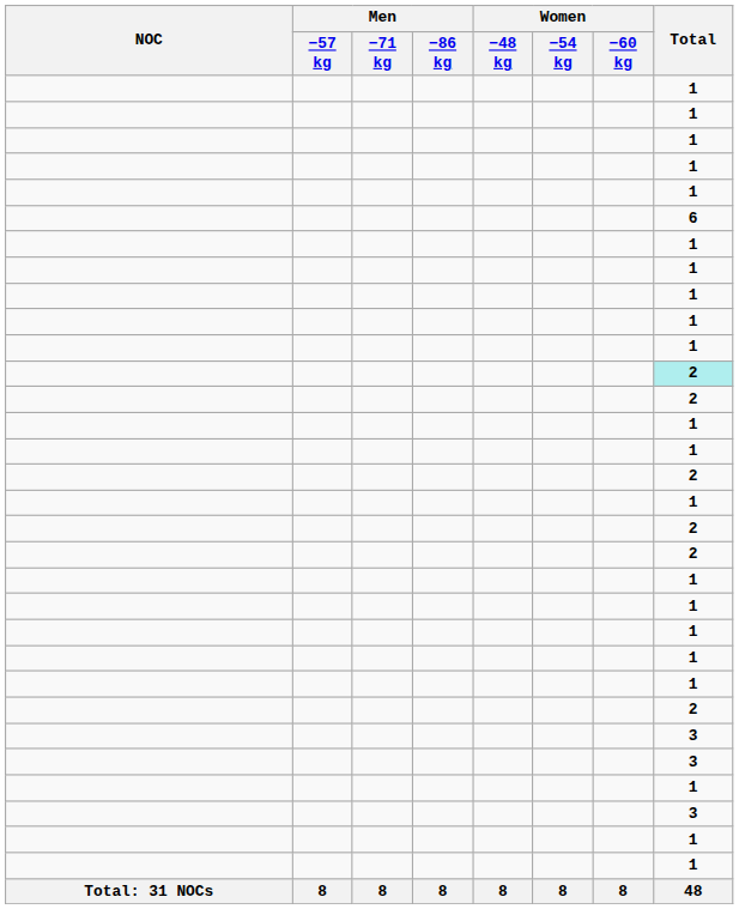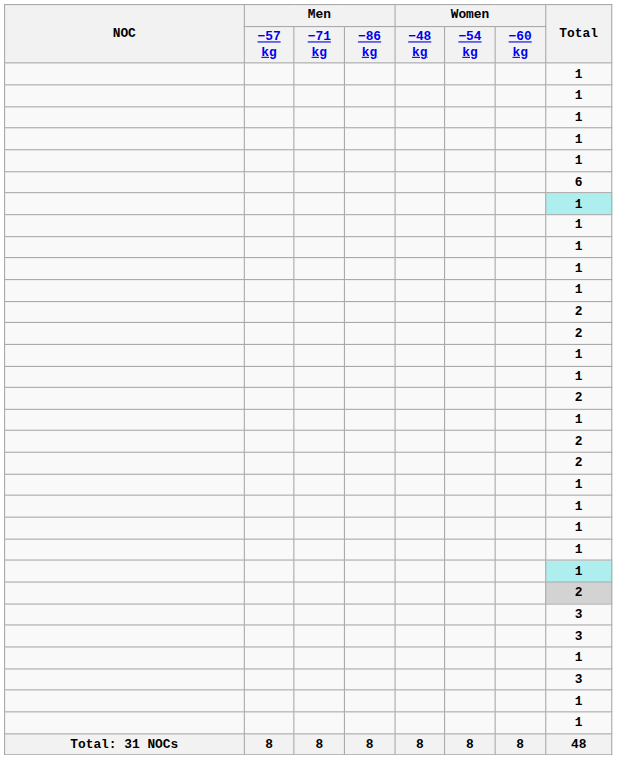 <table class="wikitable sortable" style="text-align:center; font-size:90%">
 <tr>
 <th rowspan="2" width=212 align="left">NOC</th>
 <th colspan=3>Men</th>
 <th colspan=3>Women</th>
 <th width=55 rowspan="2">Total</th>
 </tr>
 <tr>
 <th width=40><a href='#'>−57 kg</a></th>
 <th width=40><a href='#'>−71 kg</a></th>
 <th width=40><a href='#'>−86 kg</a></th>
 <th width=40><a href='#'>−48 kg</a></th>
 <th width=40><a href='#'>−54 kg</a></th>
 <th width=40><a href='#'>−60 kg</a></th>
 </tr>
 <tr>
 <td align=left></td>
 <td></td>
 <td></td>
 <td></td>
 <td></td>
 <td></td>
 <td></td>
 <td><strong>1</strong></td>
 </tr>
 <tr>
 <td align=left></td>
 <td></td>
 <td></td>
 <td></td>
 <td></td>
 <td></td>
 <td></td>
 <td><strong>1</strong></td>
 </tr>
 <tr>
 <td align=left></td>
 <td></td>
 <td></td>
 <td></td>
 <td></td>
 <td></td>
 <td></td>
 <td><strong>1</strong></td>
 </tr>
 <tr>
 <td align=left></td>
 <td></td>
 <td></td>
 <td></td>
 <td></td>
 <td></td>
 <td></td>
 <td><strong>1</strong></td>
 </tr>
 <tr>
 <td align=left></td>
 <td></td>
 <td></td>
 <td></td>
 <td></td>
 <td></td>
 <td></td>
 <td><strong>1</strong></td>
 </tr>
 <tr>
 <td align=left></td>
 <td></td>
 <td></td>
 <td></td>
 <td></td>
 <td></td>
 <td></td>
 <td><strong>6</strong></td>
 </tr>
 <tr>
 <td align=left></td>
 <td></td>
 <td></td>
 <td></td>
 <td></td>
 <td></td>
 <td></td>
-<td><strong>1</strong></td>
+<td style="background: paleturquoise;"><strong>1</strong></td>
 </tr>
 <tr>
 <td align=left></td>
 <td></td>
 <td></td>
 <td></td>
 <td></td>
 <td></td>
 <td></td>
 <td><strong>1</strong></td>
 </tr>
 <tr>
 <td align=left></td>
 <td></td>
 <td></td>
 <td></td>
 <td></td>
 <td></td>
 <td></td>
 <td><strong>1</strong></td>
 </tr>
 <tr>
 <td align=left></td>
 <td></td>
 <td></td>
 <td></td>
 <td></td>
 <td></td>
 <td></td>
 <td><strong>1</strong></td>
 </tr>
 <tr>
 <td align=left></td>
 <td></td>
 <td></td>
 <td></td>
 <td></td>
 <td></td>
 <td></td>
 <td><strong>1</strong></td>
 </tr>
 <tr>
 <td align=left></td>
 <td></td>
 <td></td>
 <td></td>
 <td></td>
 <td></td>
 <td></td>
-<td style="background: paleturquoise;"><strong>2</strong></td>
+<td><strong>2</strong></td>
 </tr>
 <tr>
 <td align=left></td>
 <td></td>
 <td></td>
 <td></td>
 <td></td>
 <td></td>
 <td></td>
 <td><strong>2</strong></td>
 </tr>
 <tr>
 <td align=left></td>
 <td></td>
 <td></td>
 <td></td>
 <td></td>
 <td></td>
 <td></td>
 <td><strong>1</strong></td>
 </tr>
 <tr>
 <td align=left></td>
 <td></td>
 <td></td>
 <td></td>
 <td></td>
 <td></td>
 <td></td>
 <td><strong>1</strong></td>
 </tr>
 <tr>
 <td align=left></td>
 <td></td>
 <td></td>
 <td></td>
 <td></td>
 <td></td>
 <td></td>
 <td><strong>2</strong></td>
 </tr>
 <tr>
 <td align=left></td>
 <td></td>
 <td></td>
 <td></td>
 <td></td>
 <td></td>
 <td></td>
 <td><strong>1</strong></td>
 </tr>
 <tr>
 <td align=left></td>
 <td></td>
 <td></td>
 <td></td>
 <td></td>
 <td></td>
 <td></td>
 <td><strong>2</strong></td>
 </tr>
 <tr>
 <td align=left></td>
 <td></td>
 <td></td>
 <td></td>
 <td></td>
 <td></td>
 <td></td>
 <td><strong>2</strong></td>
 </tr>
 <tr>
 <td align=left></td>
 <td></td>
 <td></td>
 <td></td>
 <td></td>
 <td></td>
 <td></td>
 <td><strong>1</strong></td>
 </tr>
 <tr>
 <td align=left></td>
 <td></td>
 <td></td>
 <td></td>
 <td></td>
 <td></td>
 <td></td>
 <td><strong>1</strong></td>
 </tr>
 <tr>
 <td align=left></td>
 <td></td>
 <td></td>
 <td></td>
 <td></td>
 <td></td>
 <td></td>
 <td><strong>1</strong></td>
 </tr>
 <tr>
 <td align=left></td>
 <td></td>
 <td></td>
 <td></td>
 <td></td>
 <td></td>
 <td></td>
 <td><strong>1</strong></td>
 </tr>
 <tr>
 <td align=left></td>
 <td></td>
 <td></td>
 <td></td>
 <td></td>
 <td></td>
 <td></td>
-<td><strong>1</strong></td>
+<td style="background: paleturquoise;"><strong>1</strong></td>
 </tr>
 <tr>
 <td align=left></td>
 <td></td>
 <td></td>
 <td></td>
 <td></td>
 <td></td>
 <td></td>
-<td><strong>2</strong></td>
+<td style="background: lightgrey;"><strong>2</strong></td>
 </tr>
 <tr>
 <td align=left></td>
 <td></td>
 <td></td>
 <td></td>
 <td></td>
 <td></td>
 <td></td>
 <td><strong>3</strong></td>
 </tr>
 <tr>
 <td align=left></td>
 <td></td>
 <td></td>
 <td></td>
 <td></td>
 <td></td>
 <td></td>
 <td><strong>3</strong></td>
 </tr>
 <tr>
 <td align=left></td>
 <td></td>
 <td></td>
 <td></td>
 <td></td>
 <td></td>
 <td></td>
 <td><strong>1</strong></td>
 </tr>
 <tr>
 <td align=left></td>
 <td></td>
 <td></td>
 <td></td>
 <td></td>
 <td></td>
 <td></td>
 <td><strong>3</strong></td>
 </tr>
 <tr>
 <td align=left></td>
 <td></td>
 <td></td>
 <td></td>
 <td></td>
 <td></td>
 <td></td>
 <td><strong>1</strong></td>
 </tr>
 <tr>
 <td align=left></td>
 <td></td>
 <td></td>
 <td></td>
 <td></td>
 <td></td>
 <td></td>
 <td><strong>1</strong></td>
 </tr>
 <tr>
 <th>Total: 31 NOCs</th>
 <th>8</th>
 <th>8</th>
 <th>8</th>
 <th>8</th>
 <th>8</th>
 <th>8</th>
 <th>48</th>
 </tr>
 </table>
